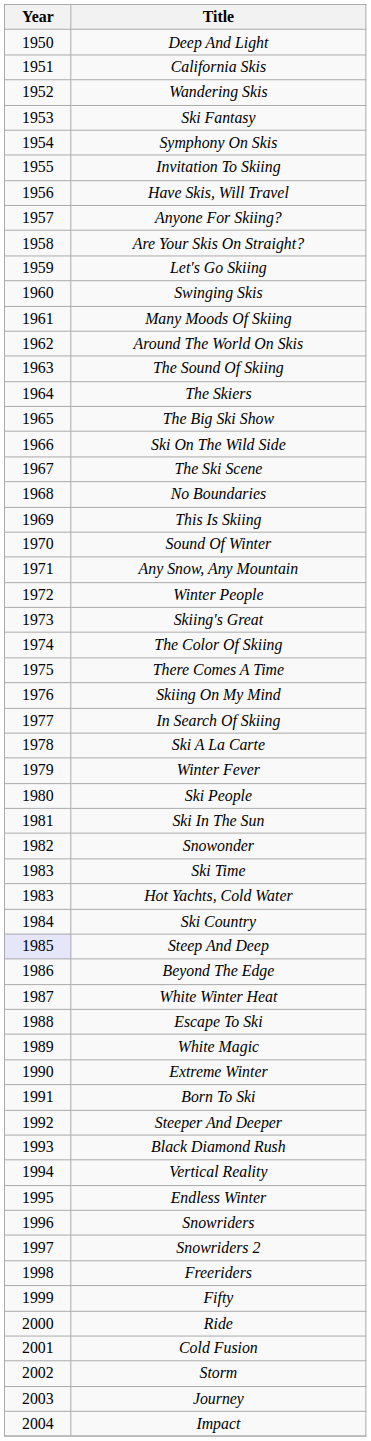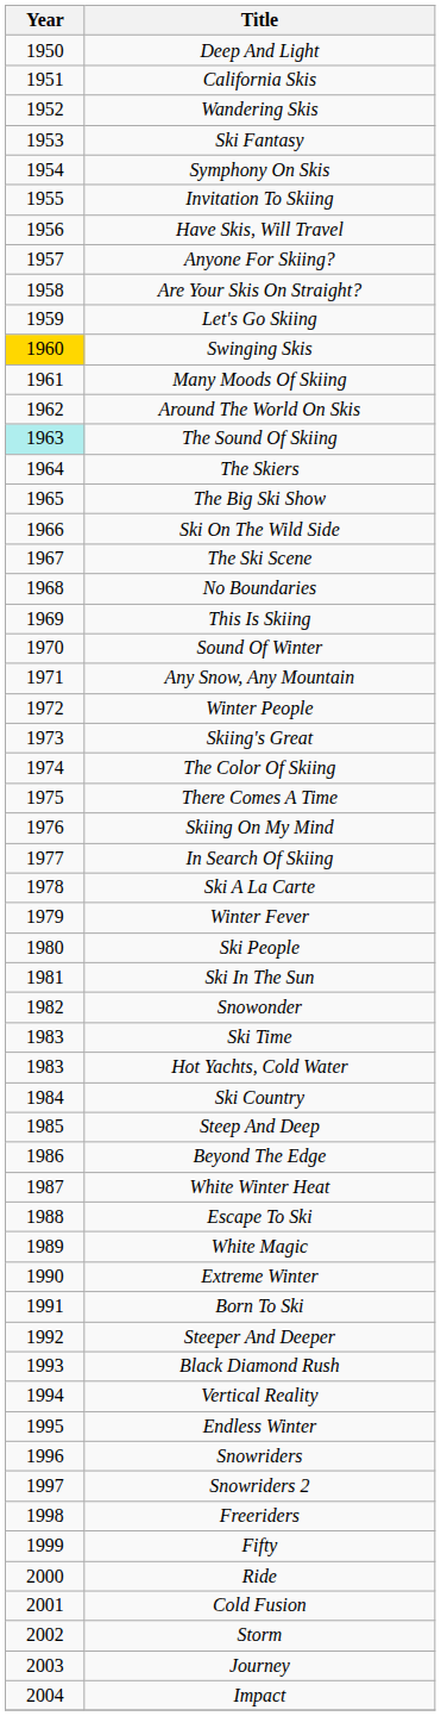 <table class="wikitable" style="text-align:center" border="5" ;>
 <tr>
 <th width="60">Year</th>
 <th width="290">Title</th>
 </tr>
 <tr>
 <td align="center">1950</td>
 <td><em>Deep And Light</em></td>
 </tr>
 <tr>
 <td align="center">1951</td>
 <td><em>California Skis</em></td>
 </tr>
 <tr>
 <td align="center">1952</td>
 <td><em>Wandering Skis</em></td>
 </tr>
 <tr>
 <td align="center">1953</td>
 <td><em>Ski Fantasy</em></td>
 </tr>
 <tr>
 <td align="center">1954</td>
 <td><em>Symphony On Skis</em></td>
 </tr>
 <tr>
 <td align="center">1955</td>
 <td><em>Invitation To Skiing</em></td>
 </tr>
 <tr>
 <td align="center">1956</td>
 <td><em>Have Skis, Will Travel</em></td>
 </tr>
 <tr>
 <td align="center">1957</td>
 <td><em>Anyone For Skiing?</em></td>
 </tr>
 <tr>
 <td align="center">1958</td>
 <td><em>Are Your Skis On Straight?</em></td>
 </tr>
 <tr>
 <td align="center">1959</td>
 <td><em>Let's Go Skiing</em></td>
 </tr>
 <tr>
-<td align="center">1960</td>
+<td align="center" style="background: gold;">1960</td>
 <td><em>Swinging Skis</em></td>
 </tr>
 <tr>
 <td align="center">1961</td>
 <td><em>Many Moods Of Skiing</em></td>
 </tr>
 <tr>
 <td align="center">1962</td>
 <td><em>Around The World On Skis</em></td>
 </tr>
 <tr>
-<td align="center">1963</td>
+<td align="center" style="background: paleturquoise;">1963</td>
 <td><em>The Sound Of Skiing</em></td>
 </tr>
 <tr>
 <td align="center">1964</td>
 <td><em>The Skiers</em></td>
 </tr>
 <tr>
 <td align="center">1965</td>
 <td><em>The Big Ski Show</em></td>
 </tr>
 <tr>
 <td align="center">1966</td>
 <td><em>Ski On The Wild Side</em></td>
 </tr>
 <tr>
 <td align="center">1967</td>
 <td><em>The Ski Scene</em></td>
 </tr>
 <tr>
 <td align="center">1968</td>
 <td><em>No Boundaries</em></td>
 </tr>
 <tr>
 <td align="center">1969</td>
 <td><em>This Is Skiing</em></td>
 </tr>
 <tr>
 <td align="center">1970</td>
 <td><em>Sound Of Winter</em></td>
 </tr>
 <tr>
 <td align="center">1971</td>
 <td><em>Any Snow, Any Mountain</em></td>
 </tr>
 <tr>
 <td align="center">1972</td>
 <td><em>Winter People</em></td>
 </tr>
 <tr>
 <td align="center">1973</td>
 <td><em>Skiing's Great</em></td>
 </tr>
 <tr>
 <td align="center">1974</td>
 <td><em>The Color Of Skiing</em></td>
 </tr>
 <tr>
 <td align="center">1975</td>
 <td><em>There Comes A Time</em></td>
 </tr>
 <tr>
 <td align="center">1976</td>
 <td><em>Skiing On My Mind</em></td>
 </tr>
 <tr>
 <td align="center">1977</td>
 <td><em>In Search Of Skiing</em></td>
 </tr>
 <tr>
 <td align="center">1978</td>
 <td><em>Ski A La Carte</em></td>
 </tr>
 <tr>
 <td align="center">1979</td>
 <td><em>Winter Fever</em></td>
 </tr>
 <tr>
 <td align="center">1980</td>
 <td><em>Ski People</em></td>
 </tr>
 <tr>
 <td align="center">1981</td>
 <td><em>Ski In The Sun</em></td>
 </tr>
 <tr>
 <td align="center">1982</td>
 <td><em>Snowonder</em></td>
 </tr>
 <tr>
 <td align="center">1983</td>
 <td><em>Ski Time</em></td>
 </tr>
 <tr>
 <td align="center">1983</td>
 <td><em>Hot Yachts, Cold Water</em></td>
 </tr>
 <tr>
 <td align="center">1984</td>
 <td><em>Ski Country</em></td>
 </tr>
 <tr>
-<td align="center" style="background: lavender;">1985</td>
+<td align="center">1985</td>
 <td><em>Steep And Deep</em></td>
 </tr>
 <tr>
 <td align="center">1986</td>
 <td><em>Beyond The Edge</em></td>
 </tr>
 <tr>
 <td align="center">1987</td>
 <td><em>White Winter Heat</em></td>
 </tr>
 <tr>
 <td align="center">1988</td>
 <td><em>Escape To Ski</em></td>
 </tr>
 <tr>
 <td align="center">1989</td>
 <td><em>White Magic</em></td>
 </tr>
 <tr>
 <td align="center">1990</td>
 <td><em>Extreme Winter</em></td>
 </tr>
 <tr>
 <td align="center">1991</td>
 <td><em>Born To Ski</em></td>
 </tr>
 <tr>
 <td align="center">1992</td>
 <td><em>Steeper And Deeper</em></td>
 </tr>
 <tr>
 <td align="center">1993</td>
 <td><em>Black Diamond Rush</em></td>
 </tr>
 <tr>
 <td align="center">1994</td>
 <td><em>Vertical Reality</em></td>
 </tr>
 <tr>
 <td align="center">1995</td>
 <td><em>Endless Winter</em></td>
 </tr>
 <tr>
 <td align="center">1996</td>
 <td><em>Snowriders</em></td>
 </tr>
 <tr>
 <td align="center">1997</td>
 <td><em>Snowriders 2</em></td>
 </tr>
 <tr>
 <td align="center">1998</td>
 <td><em>Freeriders</em></td>
 </tr>
 <tr>
 <td align="center">1999</td>
 <td><em>Fifty</em></td>
 </tr>
 <tr>
 <td align="center">2000</td>
 <td><em>Ride</em></td>
 </tr>
 <tr>
 <td align="center">2001</td>
 <td><em>Cold Fusion</em></td>
 </tr>
 <tr>
 <td align="center">2002</td>
 <td><em>Storm</em></td>
 </tr>
 <tr>
 <td align="center">2003</td>
 <td><em>Journey</em></td>
 </tr>
 <tr>
 <td align="center">2004</td>
 <td><em>Impact</em></td>
 </tr>
 <tr>
 </tr>
 </table>
